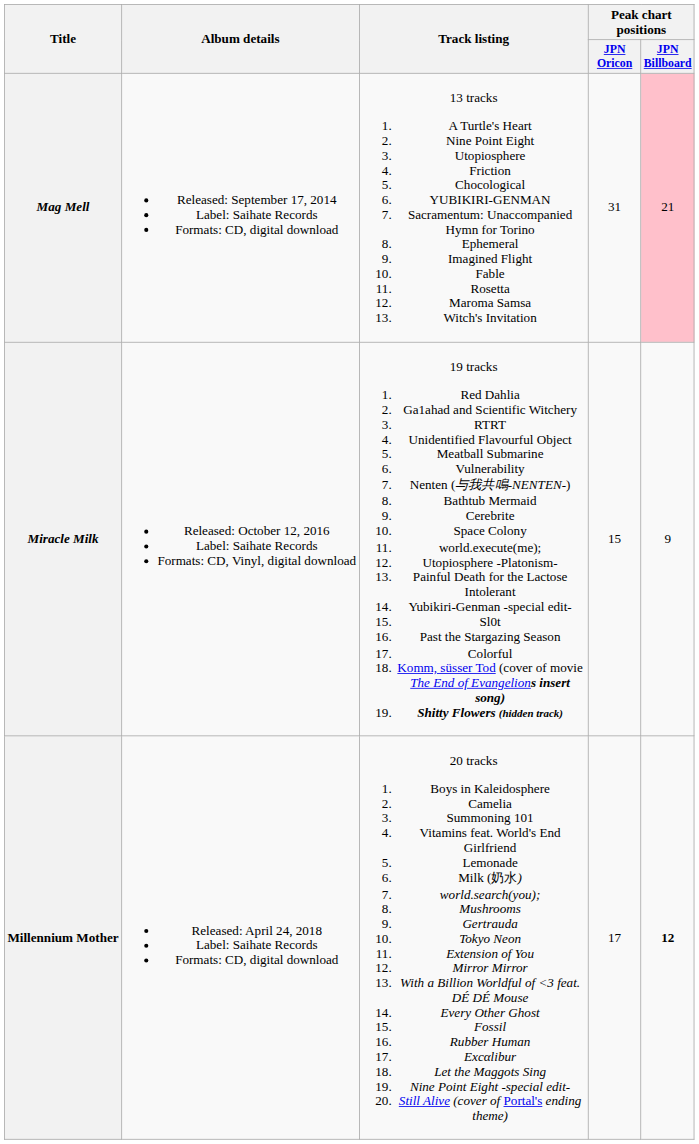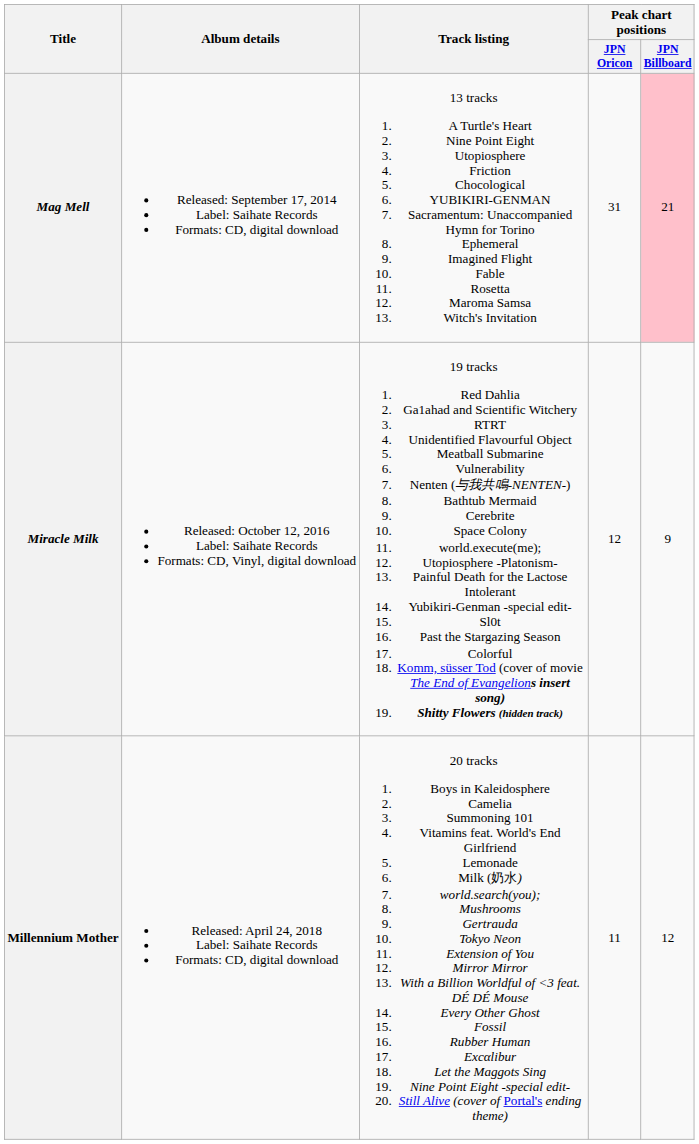 <table class="wikitable plainrowheaders" style="text-align:center;">
 <tr>
 <th scope="col" rowspan="2">Title</th>
 <th scope="col" rowspan="2">Album details</th>
 <th scope="col" rowspan="2">Track listing</th>
 <th scope="col" colspan="2">Peak chart positions</th>
 </tr>
 <tr>
 <th scope="col" style="width:4em;font-size:90%"><a href='#'>JPN<br>Oricon</a><br></th>
 <th scope="col" style="width:4em;font-size:90%"><a href='#'>JPN<br>Billboard</a></th>
 </tr>
 <tr>
 <th scope="row"><em>Mag Mell</em></th>
 <td><br><ul><li>Released: September 17, 2014</li><li>Label: Saihate Records</li><li>Formats: CD, digital download</li></ul></td>
 <td style="width:17em"><br>13 tracks<ol><li>A Turtle's Heart</li><li>Nine Point Eight</li><li>Utopiosphere</li><li>Friction</li><li>Chocological</li><li>YUBIKIRI-GENMAN</li><li>Sacramentum: Unaccompanied Hymn for Torino</li><li>Ephemeral</li><li>Imagined Flight</li><li>Fable</li><li>Rosetta</li><li>Maroma Samsa</li><li>Witch's Invitation</li></ol></td>
 <td>31</td>
 <td style="background: pink;">21</td>
 </tr>
 <tr>
 <th scope="row"><em>Miracle Milk</em></th>
 <td><br><ul><li>Released: October 12, 2016</li><li>Label: Saihate Records</li><li>Formats: CD, Vinyl, digital download</li></ul></td>
 <td style="width:17em"><br>19 tracks<ol><li>Red Dahlia</li><li>Ga1ahad and Scientific Witchery</li><li>RTRT</li><li>Unidentified Flavourful Object</li><li>Meatball Submarine</li><li>Vulnerability</li><li>Nenten (<em>与我共鳴-NENTEN-</em>)</li><li>Bathtub Mermaid</li><li>Cerebrite</li><li>Space Colony　</li><li>world.execute(me);</li><li>Utopiosphere -Platonism-</li><li>Painful Death for the Lactose Intolerant</li><li>Yubikiri-Genman -special edit-</li><li>Sl0t</li><li>Past the Stargazing Season　</li><li>Colorful</li><li><a href='#'>Komm, süsser Tod</a> (cover of movie <em><a href='#'>The End of Evangelion</a><strong>s insert song)</li><li>Shitty Flowers <small>(hidden track)</small></li></ol></td>
-<td>15</td>
+<td>12</td>
 <td>9</td>
 </tr>
 <tr>
 <th scope="row"></em>Millennium Mother<em></th>
 <td><br><ul><li>Released: April 24, 2018</li><li>Label: Saihate Records</li><li>Formats: CD, digital download</li></ul></td>
 <td style="width:17em"><br>20 tracks<ol><li>Boys in Kaleidosphere</li><li>Camelia</li><li>Summoning 101</li><li>Vitamins feat. World's End Girlfriend</li><li>Lemonade</li><li>Milk (</em>奶水<em>)</li><li>world.search(you);</li><li>Mushrooms</li><li>Gertrauda</li><li>Tokyo Neon</li><li>Extension of You</li><li>Mirror Mirror</li><li>With a Billion Worldful of <3 feat. DÉ DÉ Mouse</li><li>Every Other Ghost</li><li>Fossil</li><li>Rubber Human</li><li>Excαlibur</li><li>Let the Maggots Sing</li><li>Nine Point Eight -special edit-</li><li><a href='#'>Still Alive</a> (cover of </em><a href='#'>Portal's</a><em> ending theme)</li></ol></td>
-<td>17</td>
-<td><strong>12</strong></td>
+<td>11</td>
+<td>12</td>
 </tr>
 </table>
